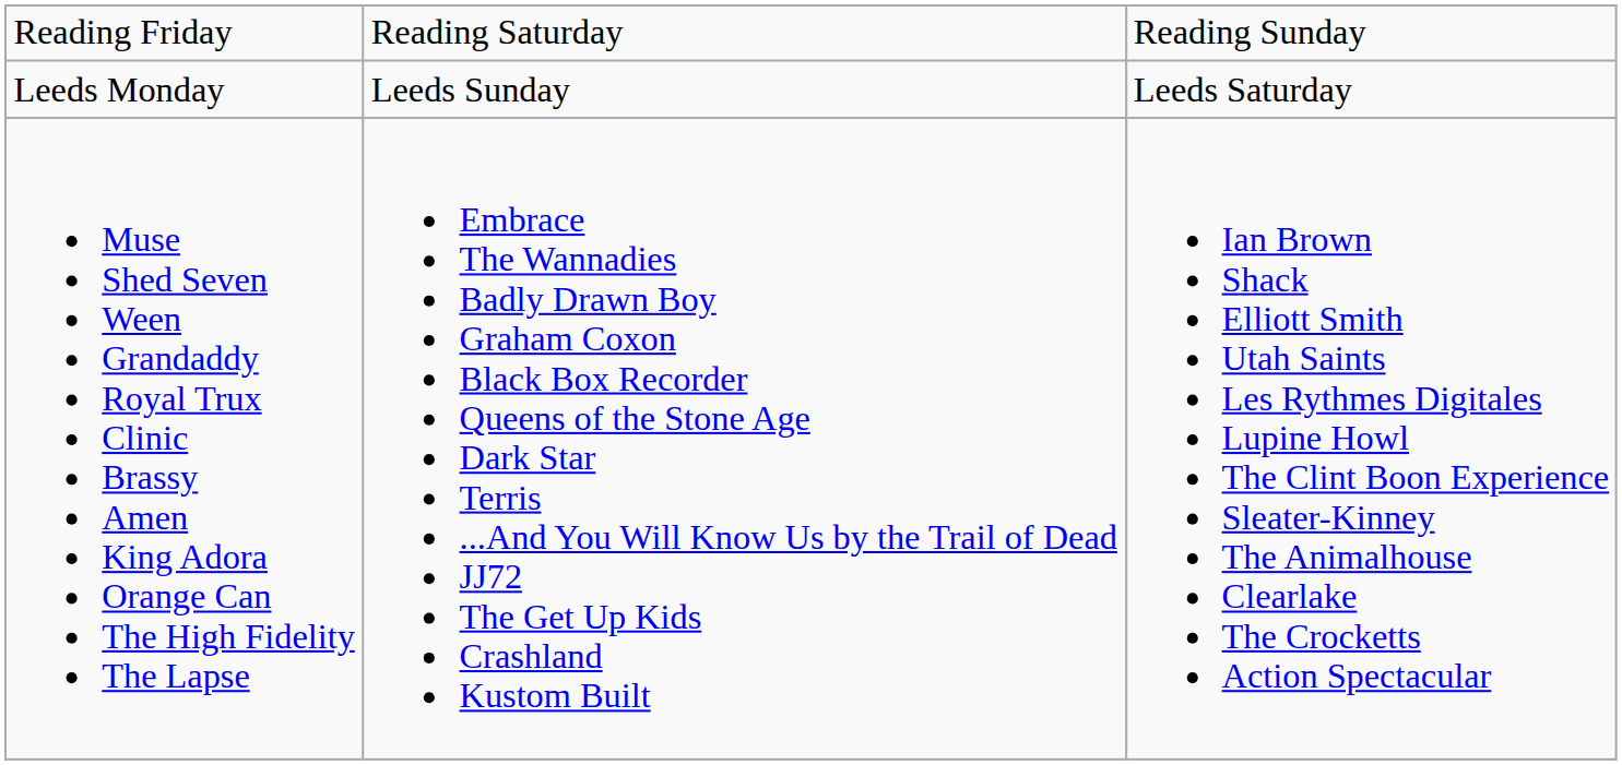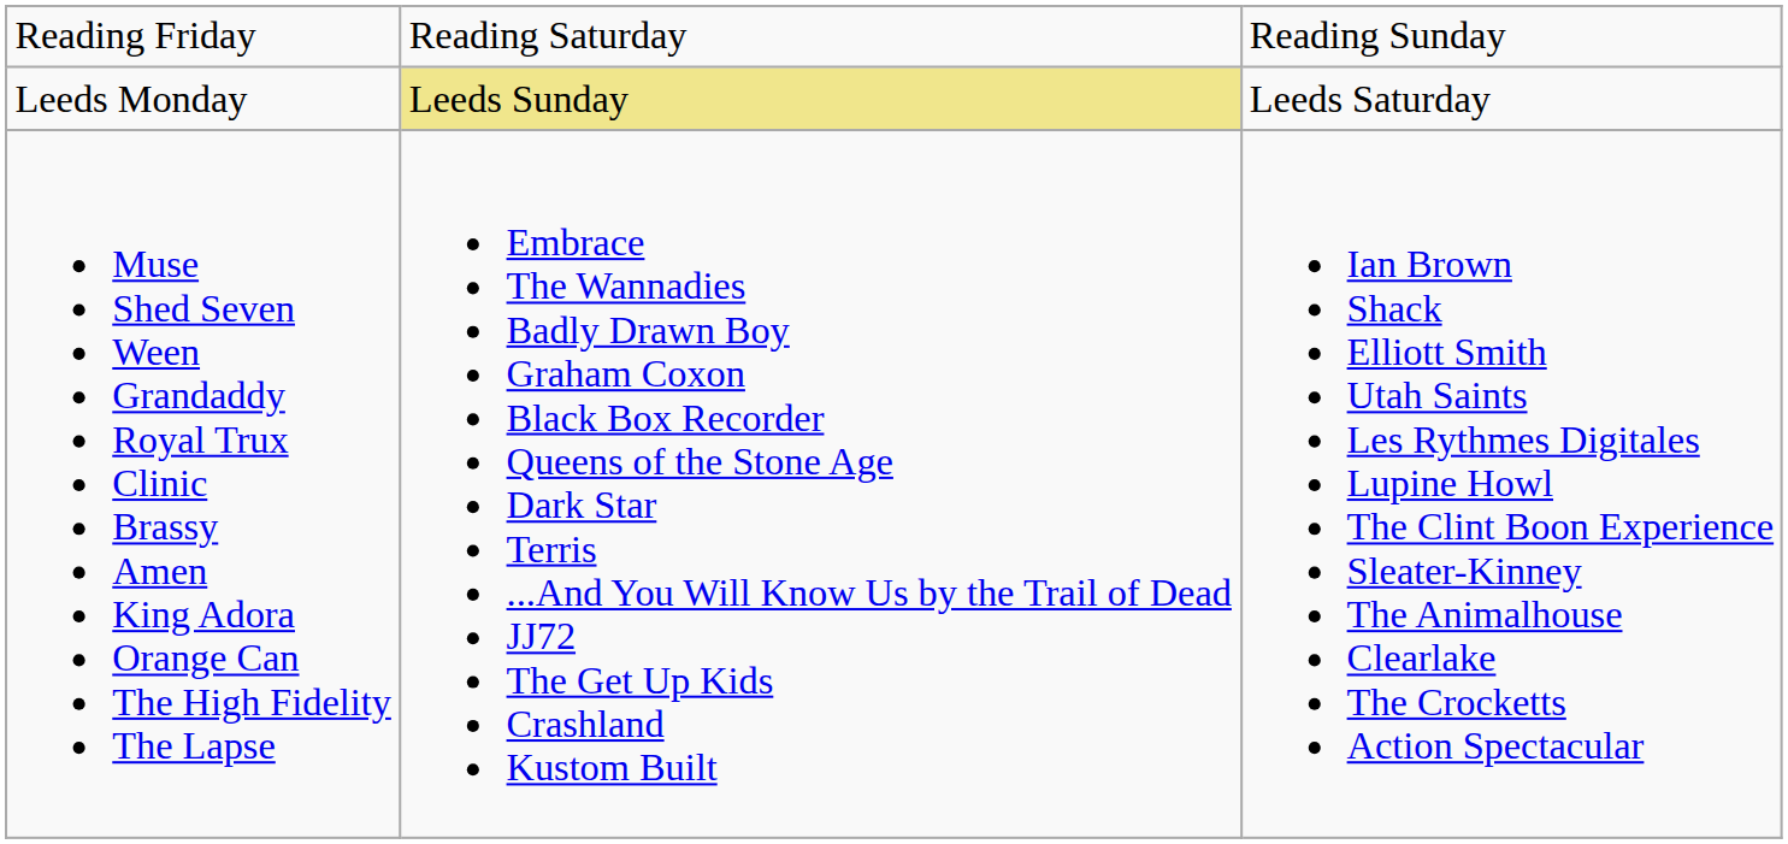 <table class="wikitable">
 <tr>
 <td>Reading Friday</td>
 <td>Reading Saturday</td>
 <td>Reading Sunday</td>
 </tr>
 <tr>
 <td>Leeds Monday</td>
-<td>Leeds Sunday</td>
+<td style="background: khaki;">Leeds Sunday</td>
 <td>Leeds Saturday</td>
 </tr>
 <tr>
 <td><br><ul><li><a href='#'>Muse</a></li><li><a href='#'>Shed Seven</a></li><li><a href='#'>Ween</a></li><li><a href='#'>Grandaddy</a></li><li><a href='#'>Royal Trux</a></li><li><a href='#'>Clinic</a></li><li><a href='#'>Brassy</a></li><li><a href='#'>Amen</a></li><li><a href='#'>King Adora</a></li><li><a href='#'>Orange Can</a></li><li><a href='#'>The High Fidelity</a></li><li><a href='#'>The Lapse</a></li></ul></td>
 <td><br><ul><li><a href='#'>Embrace</a></li><li><a href='#'>The Wannadies</a></li><li><a href='#'>Badly Drawn Boy</a></li><li><a href='#'>Graham Coxon</a></li><li><a href='#'>Black Box Recorder</a></li><li><a href='#'>Queens of the Stone Age</a></li><li><a href='#'>Dark Star</a></li><li><a href='#'>Terris</a></li><li><a href='#'>...And You Will Know Us by the Trail of Dead</a></li><li><a href='#'>JJ72</a></li><li><a href='#'>The Get Up Kids</a></li><li><a href='#'>Crashland</a></li><li><a href='#'>Kustom Built</a></li></ul></td>
 <td><br><ul><li><a href='#'>Ian Brown</a></li><li><a href='#'>Shack</a></li><li><a href='#'>Elliott Smith</a></li><li><a href='#'>Utah Saints</a></li><li><a href='#'>Les Rythmes Digitales</a></li><li><a href='#'>Lupine Howl</a></li><li><a href='#'>The Clint Boon Experience</a></li><li><a href='#'>Sleater-Kinney</a></li><li><a href='#'>The Animalhouse</a></li><li><a href='#'>Clearlake</a></li><li><a href='#'>The Crocketts</a></li><li><a href='#'>Action Spectacular</a></li></ul></td>
 </tr>
 </table>
